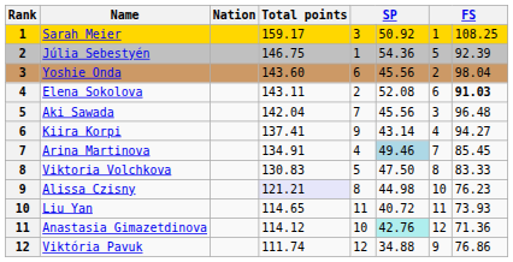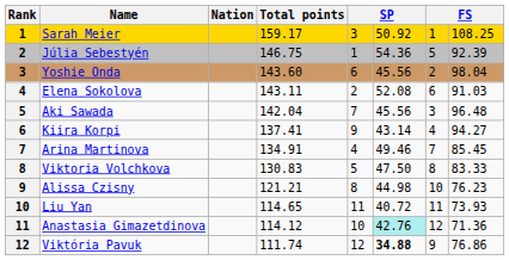 <table class="wikitable">
 <tr>
 <th>Rank</th>
 <th>Name</th>
 <th>Nation</th>
 <th>Total points</th>
 <th colspan="2" width="80px"><a href='#'>SP</a></th>
 <th colspan="2" width="80px"><a href='#'>FS</a></th>
 </tr>
 <tr bgcolor="gold">
 <td align="center"><strong>1</strong></td>
 <td><a href='#'>Sarah Meier</a></td>
 <td></td>
 <td>159.17</td>
 <td>3</td>
 <td>50.92</td>
 <td>1</td>
 <td>108.25</td>
 </tr>
 <tr bgcolor="silver">
 <td align="center"><strong>2</strong></td>
 <td><a href='#'>Júlia Sebestyén</a></td>
 <td></td>
 <td>146.75</td>
 <td>1</td>
 <td>54.36</td>
 <td>5</td>
 <td>92.39</td>
 </tr>
 <tr bgcolor="cc9966">
 <td align="center"><strong>3</strong></td>
 <td><a href='#'>Yoshie Onda</a></td>
 <td></td>
 <td>143.60</td>
 <td>6</td>
 <td>45.56</td>
 <td>2</td>
 <td>98.04</td>
 </tr>
 <tr>
 <th>4</th>
 <td><a href='#'>Elena Sokolova</a></td>
 <td></td>
 <td>143.11</td>
 <td>2</td>
 <td>52.08</td>
 <td>6</td>
-<td><strong>91.03</strong></td>
+<td>91.03</td>
 </tr>
 <tr>
 <th>5</th>
 <td><a href='#'>Aki Sawada</a></td>
 <td></td>
 <td>142.04</td>
 <td>7</td>
 <td>45.56</td>
 <td>3</td>
 <td>96.48</td>
 </tr>
 <tr>
 <th>6</th>
 <td><a href='#'>Kiira Korpi</a></td>
 <td></td>
 <td>137.41</td>
 <td>9</td>
 <td>43.14</td>
 <td>4</td>
 <td>94.27</td>
 </tr>
 <tr>
 <th>7</th>
 <td><a href='#'>Arina Martinova</a></td>
 <td></td>
 <td>134.91</td>
 <td>4</td>
-<td style="background: lightblue;">49.46</td>
+<td>49.46</td>
 <td>7</td>
 <td>85.45</td>
 </tr>
 <tr>
 <th>8</th>
 <td><a href='#'>Viktoria Volchkova</a></td>
 <td></td>
 <td>130.83</td>
 <td>5</td>
 <td>47.50</td>
 <td>8</td>
 <td>83.33</td>
 </tr>
 <tr>
 <th>9</th>
 <td><a href='#'>Alissa Czisny</a></td>
 <td></td>
-<td style="background: lavender;">121.21</td>
+<td>121.21</td>
 <td>8</td>
 <td>44.98</td>
 <td>10</td>
 <td>76.23</td>
 </tr>
 <tr>
 <th>10</th>
 <td><a href='#'>Liu Yan</a></td>
 <td></td>
 <td>114.65</td>
 <td>11</td>
 <td>40.72</td>
 <td>11</td>
 <td>73.93</td>
 </tr>
 <tr>
 <th>11</th>
 <td><a href='#'>Anastasia Gimazetdinova</a></td>
 <td></td>
 <td>114.12</td>
 <td>10</td>
 <td style="background: paleturquoise;">42.76</td>
 <td>12</td>
 <td>71.36</td>
 </tr>
 <tr>
 <th>12</th>
 <td><a href='#'>Viktória Pavuk</a></td>
 <td></td>
 <td>111.74</td>
 <td>12</td>
-<td>34.88</td>
+<td><strong>34.88</strong></td>
 <td>9</td>
 <td>76.86</td>
 </tr>
 </table>
